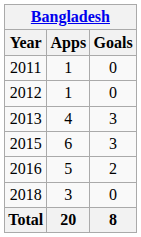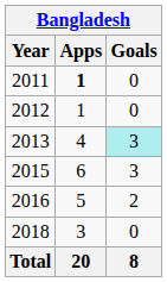 <table class="wikitable" style="text-align:center">
 <tr>
 <th colspan=3><a href='#'>Bangladesh</a></th>
 </tr>
 <tr>
 <th>Year</th>
 <th>Apps</th>
 <th>Goals</th>
 </tr>
 <tr>
 <td>2011</td>
-<td>1</td>
+<td><strong>1</strong></td>
 <td>0</td>
 </tr>
 <tr>
 <td>2012</td>
 <td>1</td>
 <td>0</td>
 </tr>
 <tr>
 <td>2013</td>
 <td>4</td>
-<td>3</td>
+<td style="background: paleturquoise;">3</td>
 </tr>
 <tr>
 <td>2015</td>
 <td>6</td>
 <td>3</td>
 </tr>
 <tr>
 <td>2016</td>
 <td>5</td>
 <td>2</td>
 </tr>
 <tr>
 <td>2018</td>
 <td>3</td>
 <td>0</td>
 </tr>
 <tr>
 <th>Total</th>
 <th>20</th>
 <th>8</th>
 </tr>
 </table>
